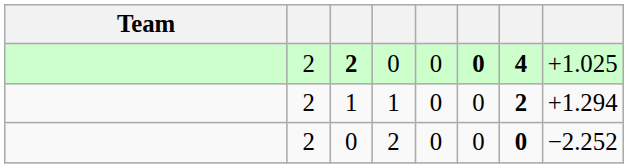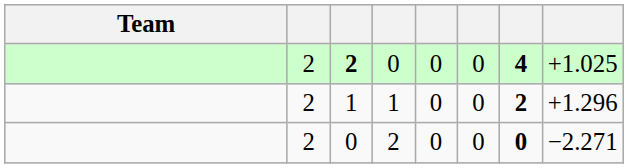 <table class="wikitable" style="text-align:center;">
 <tr>
 <th width=175>Team</th>
 <th style="width:20px;"></th>
 <th style="width:20px;"></th>
 <th style="width:20px;"></th>
 <th style="width:20px;"></th>
 <th style="width:20px;"></th>
 <th style="width:20px;"></th>
 <th style="width:20px;"></th>
 </tr>
 <tr style="background:#cfc">
 <td style="text-align:left;"></td>
 <td>2</td>
 <td><strong>2</strong></td>
 <td>0</td>
 <td>0</td>
-<td><strong>0</strong></td>
+<td>0</td>
 <td><strong>4</strong></td>
 <td>+1.025</td>
 </tr>
 <tr>
 <td style="text-align:left;"></td>
 <td>2</td>
 <td>1</td>
 <td>1</td>
 <td>0</td>
 <td>0</td>
 <td><strong>2</strong></td>
-<td>+1.294</td>
+<td>+1.296</td>
 </tr>
 <tr>
 <td style="text-align:left;"></td>
 <td>2</td>
 <td>0</td>
 <td>2</td>
 <td>0</td>
 <td>0</td>
 <td><strong>0</strong></td>
-<td>−2.252</td>
+<td>−2.271</td>
 </tr>
 </table>
